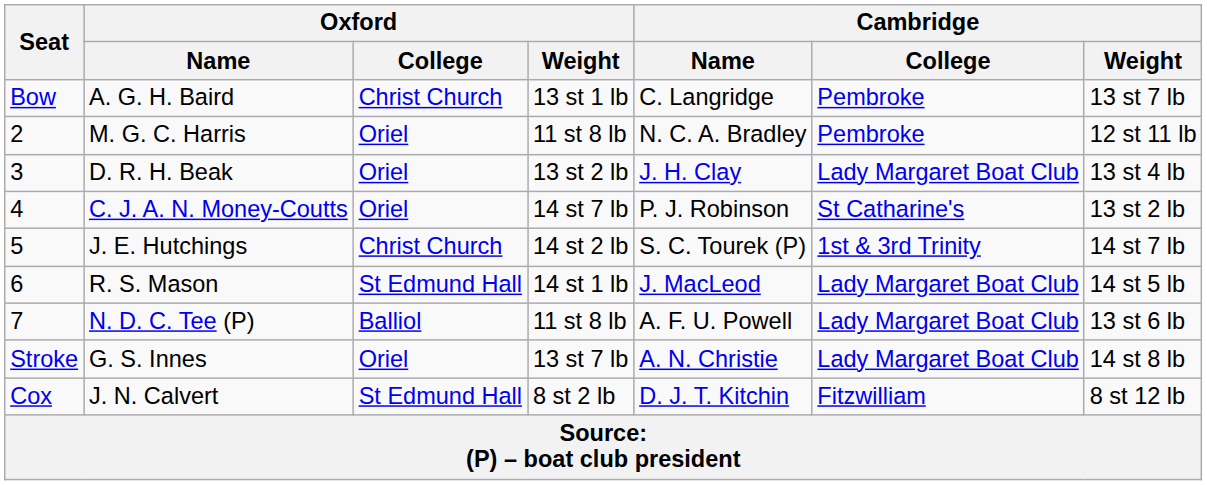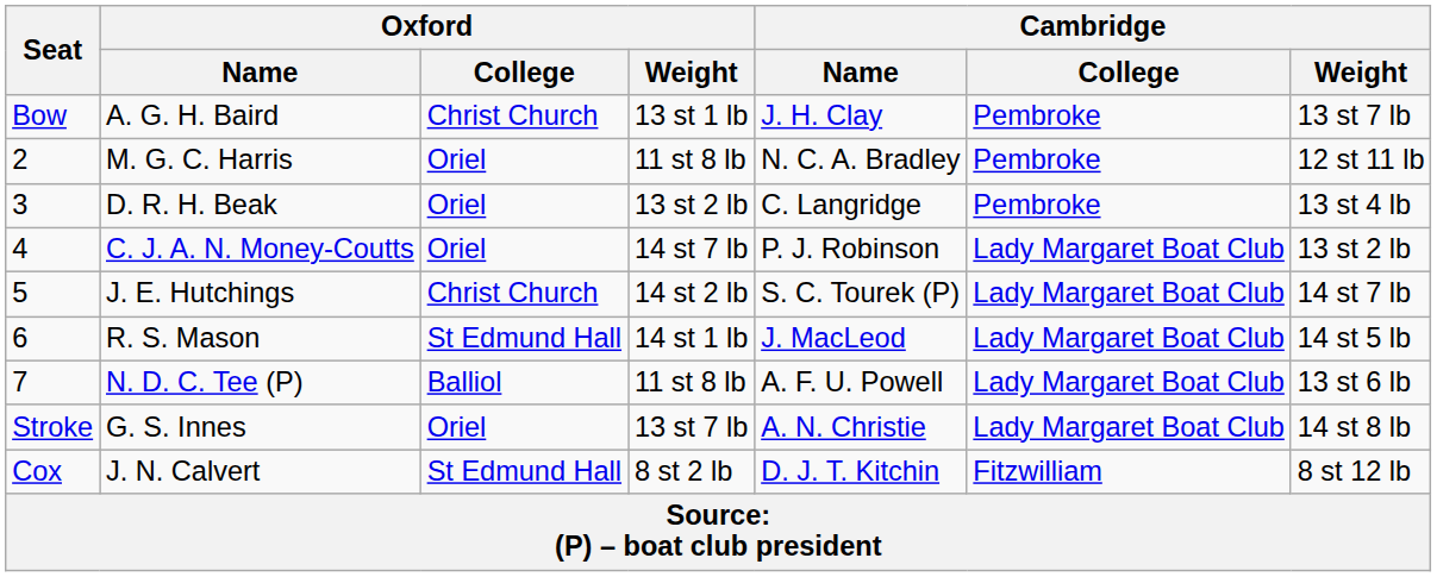 <table class="wikitable">
 <tr>
 <th rowspan="2" scope="col">Seat</th>
 <th colspan="3" scope="col">Oxford <br> </th>
 <th colspan="3" scope="col">Cambridge <br> </th>
 </tr>
 <tr>
 <th>Name</th>
 <th>College</th>
 <th>Weight</th>
 <th>Name</th>
 <th>College</th>
 <th>Weight</th>
 </tr>
 <tr>
 <td><a href='#'>Bow</a></td>
 <td>A. G. H. Baird</td>
 <td><a href='#'>Christ Church</a></td>
 <td>13 st 1 lb</td>
-<td>C. Langridge</td>
+<td><a href='#'>J. H. Clay</a></td>
 <td><a href='#'>Pembroke</a></td>
 <td>13 st 7 lb</td>
 </tr>
 <tr>
 <td>2</td>
 <td>M. G. C. Harris</td>
 <td><a href='#'>Oriel</a></td>
 <td>11 st 8 lb</td>
 <td>N. C. A. Bradley</td>
 <td><a href='#'>Pembroke</a></td>
 <td>12 st 11 lb</td>
 </tr>
 <tr>
 <td>3</td>
 <td>D. R. H. Beak</td>
 <td><a href='#'>Oriel</a></td>
 <td>13 st 2 lb</td>
-<td><a href='#'>J. H. Clay</a></td>
-<td><a href='#'>Lady Margaret Boat Club</a></td>
+<td>C. Langridge</td>
+<td><a href='#'>Pembroke</a></td>
 <td>13 st 4 lb</td>
 </tr>
 <tr>
 <td>4</td>
 <td><a href='#'>C. J. A. N. Money-Coutts</a></td>
 <td><a href='#'>Oriel</a></td>
 <td>14 st 7 lb</td>
 <td>P. J. Robinson</td>
-<td><a href='#'>St Catharine's</a></td>
+<td><a href='#'>Lady Margaret Boat Club</a></td>
 <td>13 st 2 lb</td>
 </tr>
 <tr>
 <td>5</td>
 <td>J. E. Hutchings</td>
 <td><a href='#'>Christ Church</a></td>
 <td>14 st 2 lb</td>
 <td>S. C. Tourek (P)</td>
-<td><a href='#'>1st & 3rd Trinity</a></td>
+<td><a href='#'>Lady Margaret Boat Club</a></td>
 <td>14 st 7 lb</td>
 </tr>
 <tr>
 <td>6</td>
 <td>R. S. Mason</td>
 <td><a href='#'>St Edmund Hall</a></td>
 <td>14 st 1 lb</td>
 <td><a href='#'>J. MacLeod</a></td>
 <td><a href='#'>Lady Margaret Boat Club</a></td>
 <td>14 st 5 lb</td>
 </tr>
 <tr>
 <td>7</td>
 <td><a href='#'>N. D. C. Tee</a> (P)</td>
 <td><a href='#'>Balliol</a></td>
 <td>11 st 8 lb</td>
 <td>A. F. U. Powell</td>
 <td><a href='#'>Lady Margaret Boat Club</a></td>
 <td>13 st 6 lb</td>
 </tr>
 <tr>
 <td><a href='#'>Stroke</a></td>
 <td>G. S. Innes</td>
 <td><a href='#'>Oriel</a></td>
 <td>13 st 7 lb</td>
 <td><a href='#'>A. N. Christie</a></td>
 <td><a href='#'>Lady Margaret Boat Club</a></td>
 <td>14 st 8 lb</td>
 </tr>
 <tr>
 <td><a href='#'>Cox</a></td>
 <td>J. N. Calvert</td>
 <td><a href='#'>St Edmund Hall</a></td>
 <td>8 st 2 lb</td>
 <td><a href='#'>D. J. T. Kitchin</a></td>
 <td><a href='#'>Fitzwilliam</a></td>
 <td>8 st 12 lb</td>
 </tr>
 <tr>
 <th colspan="7">Source:<br> (P) – boat club president</th>
 </tr>
 </table>
